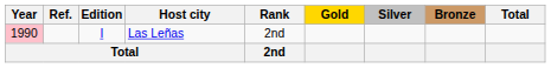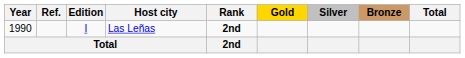 <table class="wikitable sortable" style="text-align:center;">
 <tr>
 <th scope="col"> Year </th>
 <th scope="col" class="unsortable"> Ref. </th>
 <th scope="col">Edition</th>
 <th scope="col" style="width:150px;">Host city</th>
 <th scope="col" style="width:4.5em;"> Rank </th>
 <th scope="col" style="width:4.5em; background:gold">Gold</th>
 <th scope="col" style="width:4.5em; background:silver">Silver</th>
 <th scope="col" style="width:4.5em; background:#cc9966">Bronze</th>
 <th scope="col" style="width:4.5em;">Total</th>
 </tr>
 <tr>
-<td style="background: pink;">1990</td>
+<td>1990</td>
 <td></td>
 <td><a href='#'>I</a></td>
 <td align=left> <a href='#'>Las Leñas</a></td>
-<td>2nd</td>
+<td><strong>2nd</strong></td>
 <td></td>
 <td></td>
 <td></td>
 <td></td>
 </tr>
 <tr class="sortbottom">
 <th colspan=4>Total</th>
 <th>2nd</th>
 <th></th>
 <th></th>
 <th></th>
 <th></th>
 </tr>
 </table>
